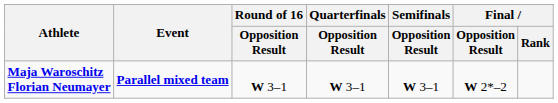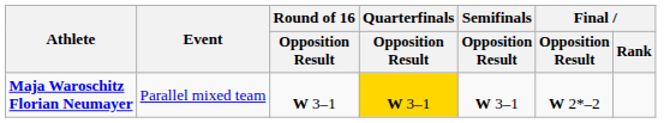 <table class="wikitable" style="font-size:90%">
 <tr>
 <th rowspan="2">Athlete</th>
 <th rowspan="2">Event</th>
 <th>Round of 16</th>
 <th>Quarterfinals</th>
 <th>Semifinals</th>
 <th colspan=2>Final / </th>
 </tr>
 <tr style="font-size:95%">
 <th>Opposition<br>Result</th>
 <th>Opposition<br>Result</th>
 <th>Opposition<br>Result</th>
 <th>Opposition<br>Result</th>
 <th>Rank</th>
 </tr>
 <tr align=center>
 <td align=left><strong><a href='#'>Maja Waroschitz</a><br><a href='#'>Florian Neumayer</a></strong></td>
-<td align=left><strong><a href='#'>Parallel mixed team</a></strong></td>
+<td align=left><a href='#'>Parallel mixed team</a></td>
 <td><br><strong>W</strong> 3–1</td>
-<td><br><strong>W</strong> 3–1</td>
+<td style="background: gold;"><br><strong>W</strong> 3–1</td>
 <td><br><strong>W</strong> 3–1</td>
 <td><br><strong>W</strong> 2*–2</td>
 <td></td>
 </tr>
 </table>
